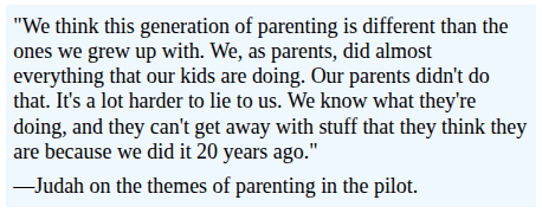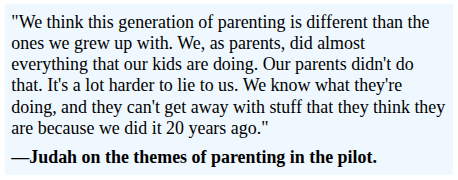 <table class="toccolours" style="float:right; margin-left:1em; margin-right:2em; font-size:95%; background:#f0f8ff; color:black; width:25em; max-width:50%;" cellspacing="5">
 <tr>
 <td style="text-align: left;">"We think this generation of parenting is different than the ones we grew up with. We, as parents, did almost everything that our kids are doing. Our parents didn't do that. It's a lot harder to lie to us. We know what they're doing, and they can't get away with stuff that they think they are because we did it 20 years ago."</td>
 </tr>
 <tr>
-<td style="text-align: left;">—Judah on the themes of parenting in the pilot.</td>
+<td style="text-align: left;"><strong>—Judah on the themes of parenting in the pilot.</strong></td>
 </tr>
 </table>
